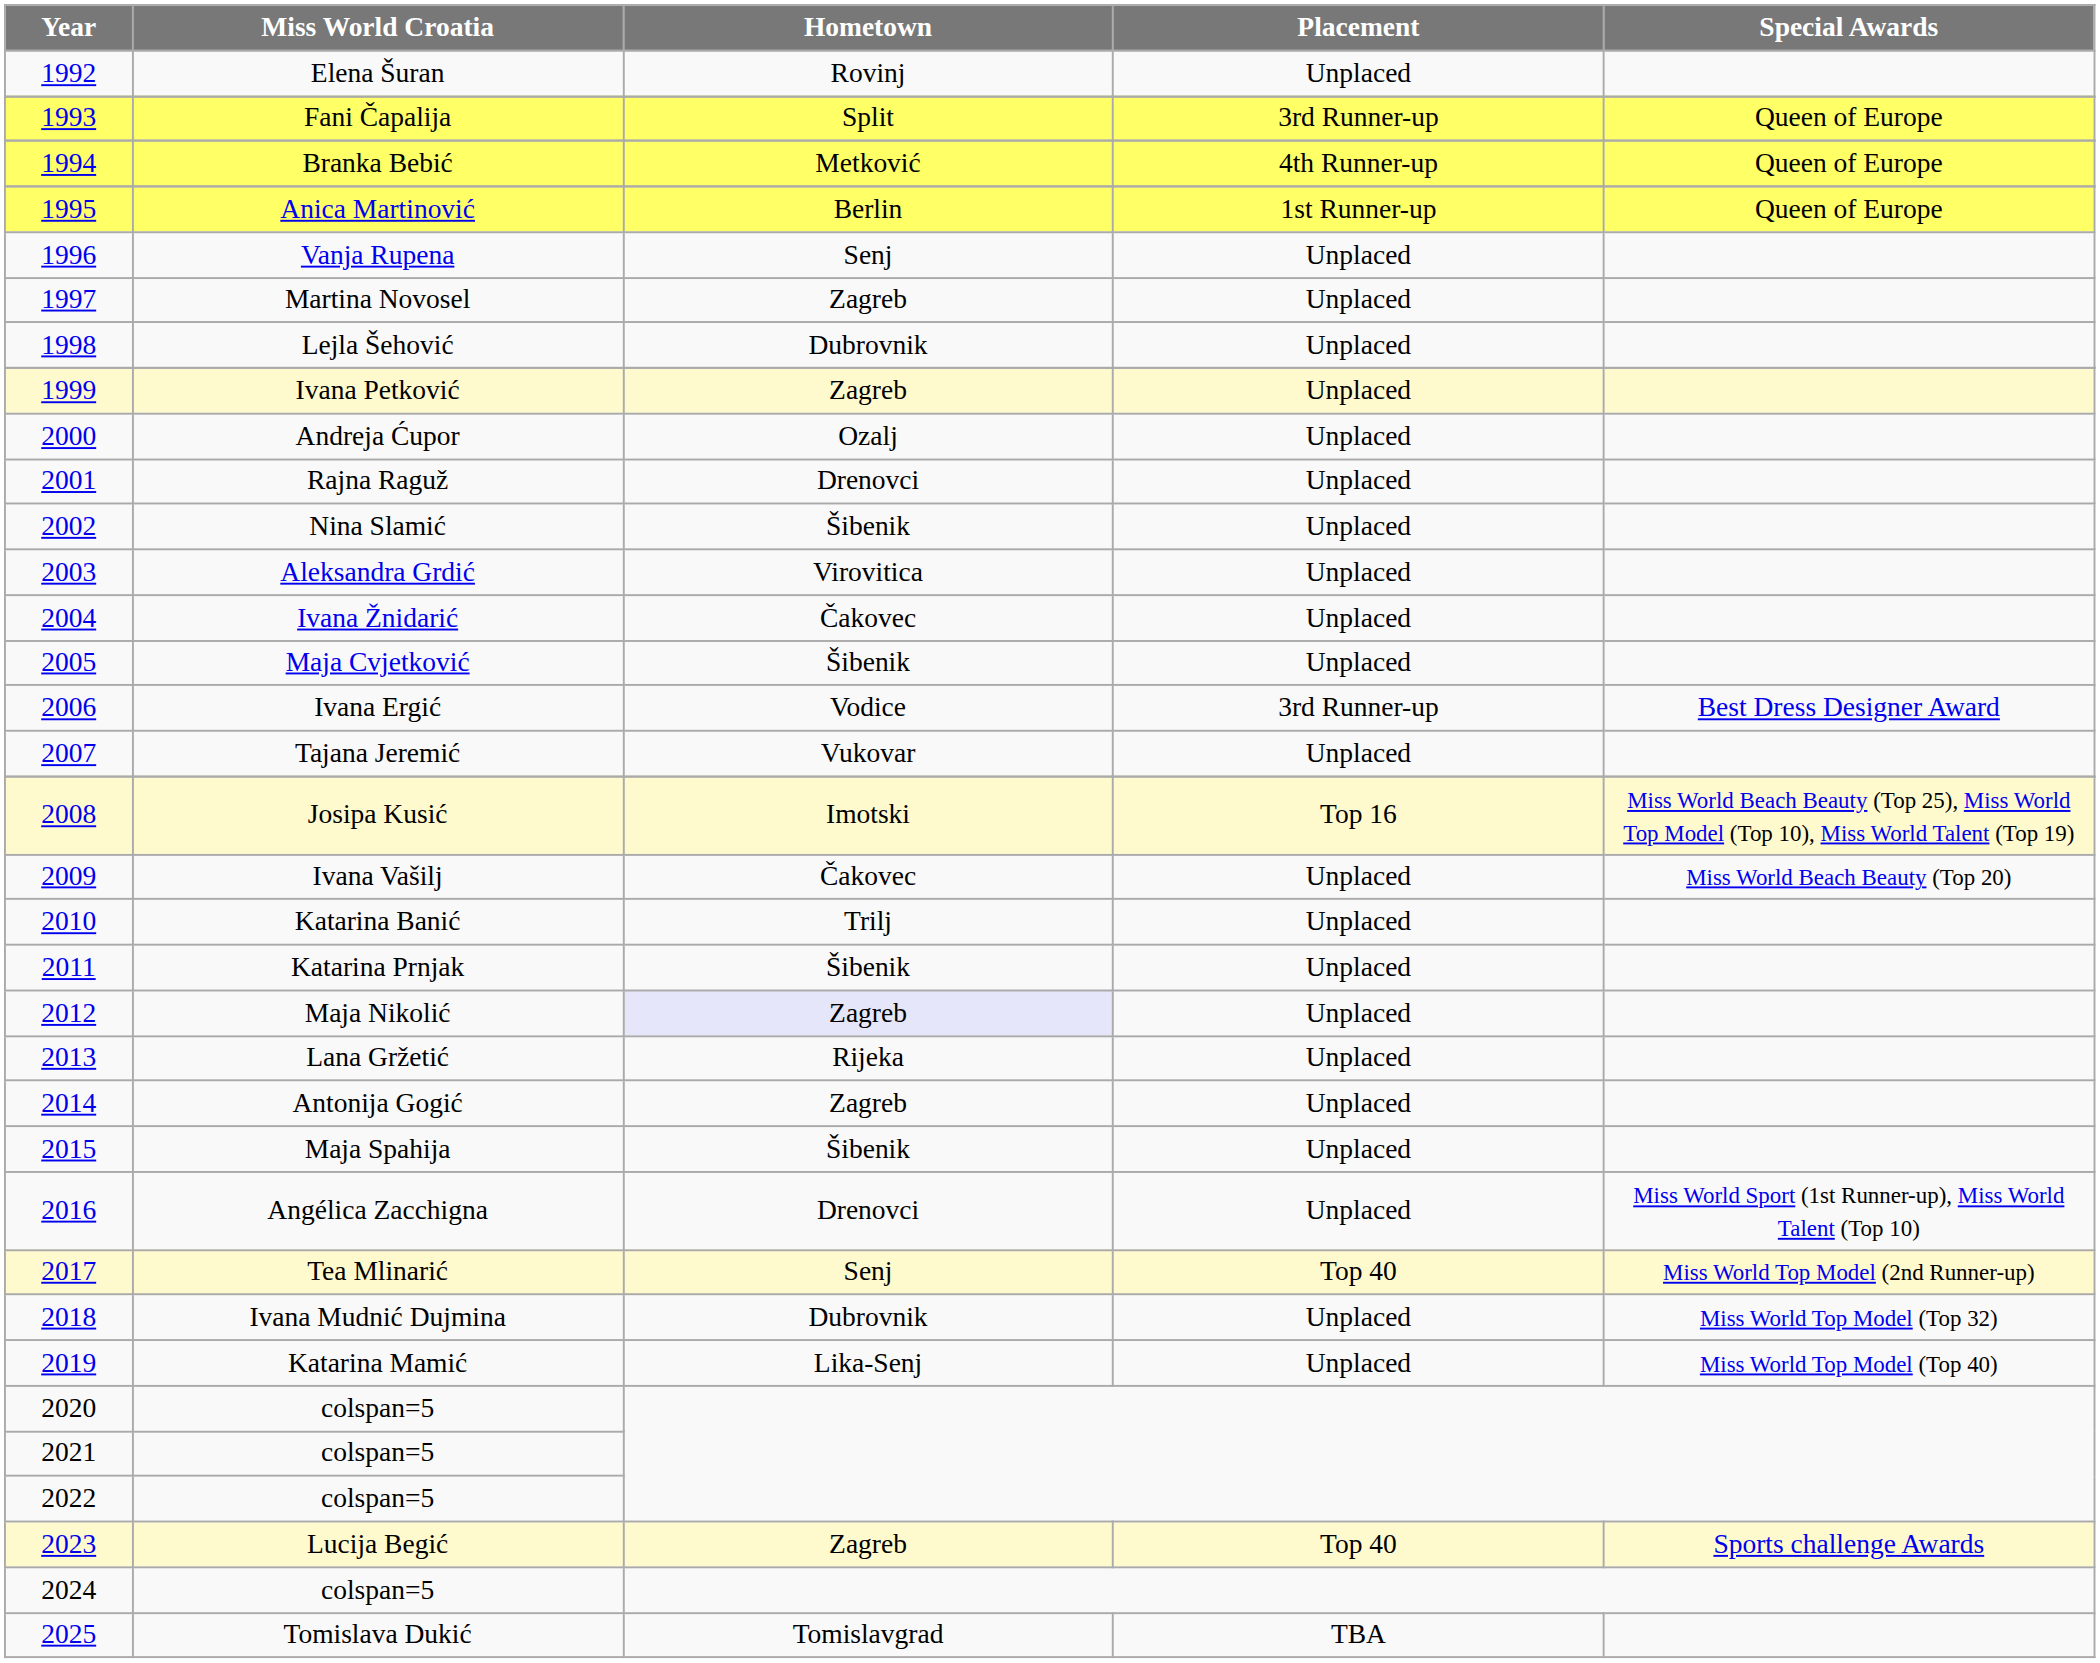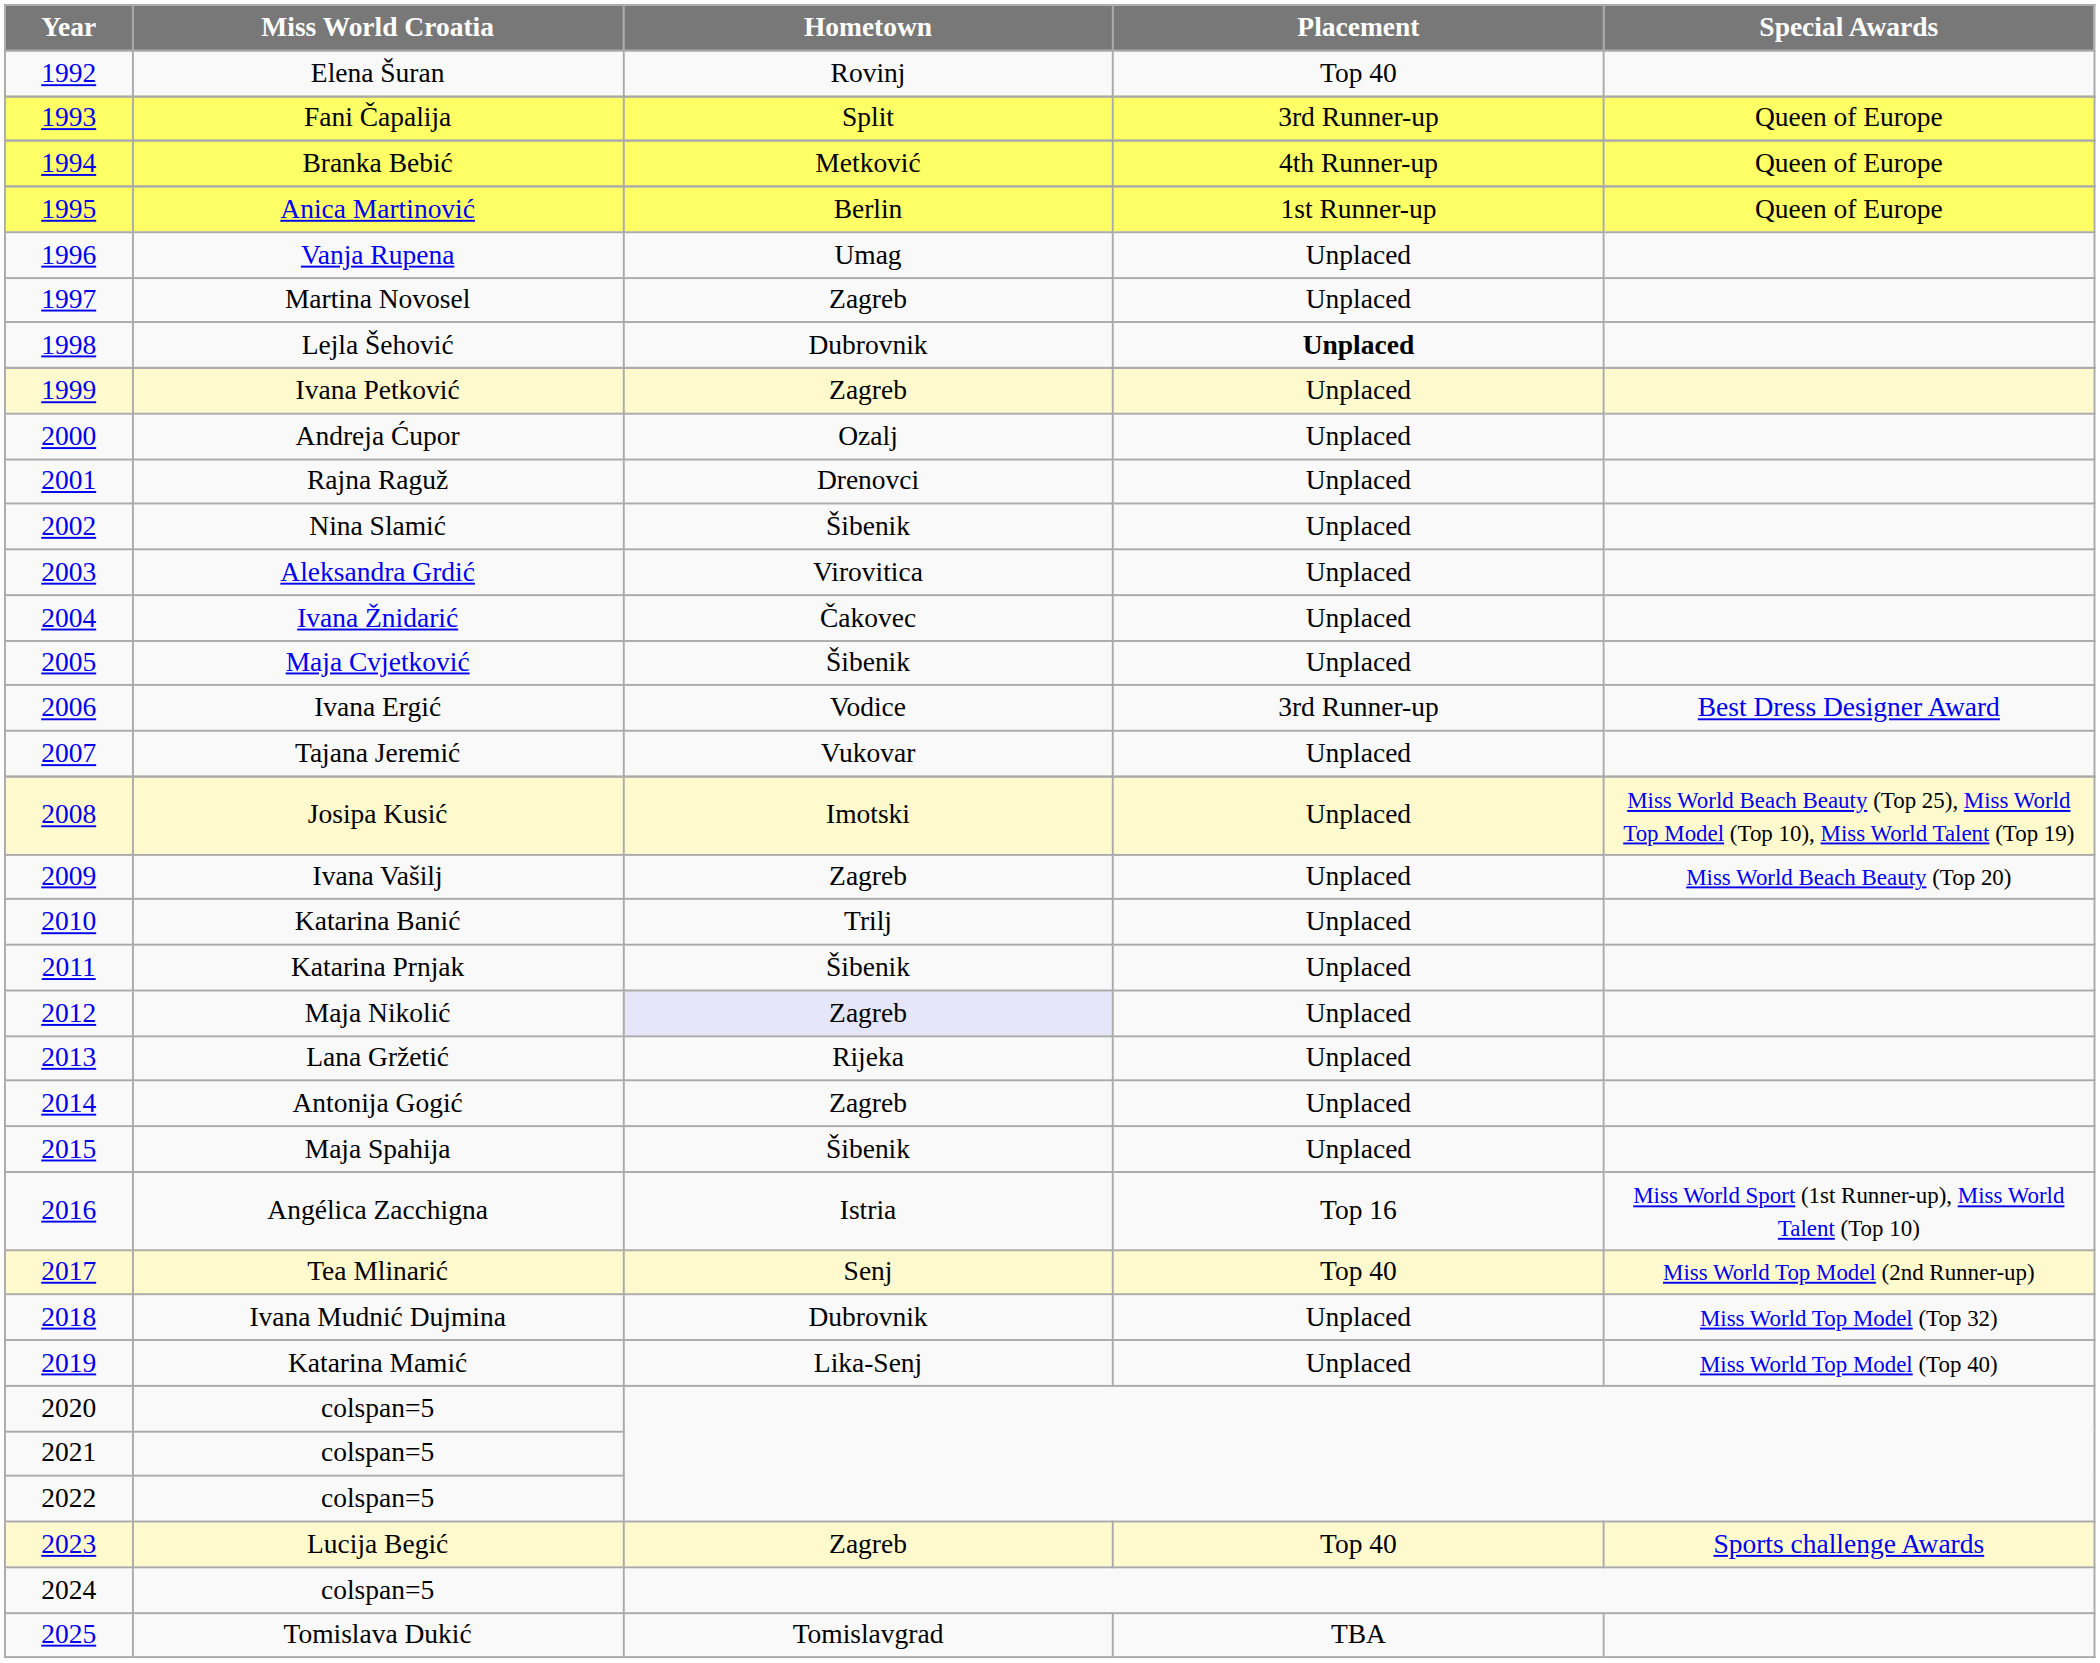 <table class="wikitable sortable" style="font-size: 90%; text-align:center">
 <tr>
 <th width="60" style="background-color:#787878;color:#FFFFFF;">Year</th>
 <th width="250" style="background-color:#787878;color:#FFFFFF;">Miss World Croatia</th>
 <th width="250" style="background-color:#787878;color:#FFFFFF;">Hometown</th>
 <th width="250" style="background-color:#787878;color:#FFFFFF;">Placement</th>
 <th width="250" style="background-color:#787878;color:#FFFFFF;">Special Awards</th>
 </tr>
 <tr>
 <td><a href='#'>1992</a></td>
 <td>Elena Šuran</td>
 <td>Rovinj</td>
-<td>Unplaced</td>
+<td>Top 40</td>
 <td></td>
 </tr>
 <tr>
 </tr>
 <tr style="background-color:#FFFF66;">
 <td><a href='#'>1993</a></td>
 <td>Fani Čapalija</td>
 <td>Split</td>
 <td>3rd Runner-up</td>
 <td>Queen of Europe</td>
 </tr>
 <tr>
 </tr>
 <tr style="background-color:#FFFF66;">
 <td><a href='#'>1994</a></td>
 <td>Branka Bebić</td>
 <td>Metković</td>
 <td>4th Runner-up</td>
 <td>Queen of Europe</td>
 </tr>
 <tr>
 </tr>
 <tr style="background-color:#FFFF66;">
 <td><a href='#'>1995</a></td>
 <td><a href='#'>Anica Martinović</a></td>
 <td>Berlin</td>
 <td>1st Runner-up</td>
 <td>Queen of Europe</td>
 </tr>
 <tr>
 <td><a href='#'>1996</a></td>
 <td><a href='#'>Vanja Rupena</a></td>
-<td>Senj</td>
+<td>Umag</td>
 <td>Unplaced</td>
 <td></td>
 </tr>
 <tr>
 <td><a href='#'>1997</a></td>
 <td>Martina Novosel</td>
 <td>Zagreb</td>
 <td>Unplaced</td>
 <td></td>
 </tr>
 <tr>
 <td><a href='#'>1998</a></td>
 <td>Lejla Šehović</td>
 <td>Dubrovnik</td>
-<td>Unplaced</td>
+<td><strong>Unplaced</strong></td>
 <td></td>
 </tr>
 <tr>
 </tr>
 <tr style="background-color:#FFFACD;">
 <td><a href='#'>1999</a></td>
 <td>Ivana Petković</td>
 <td>Zagreb</td>
 <td>Unplaced</td>
 <td></td>
 </tr>
 <tr>
 <td><a href='#'>2000</a></td>
 <td>Andreja Ćupor</td>
 <td>Ozalj</td>
 <td>Unplaced</td>
 <td></td>
 </tr>
 <tr>
 <td><a href='#'>2001</a></td>
 <td>Rajna Raguž</td>
 <td>Drenovci</td>
 <td>Unplaced</td>
 <td></td>
 </tr>
 <tr>
 <td><a href='#'>2002</a></td>
 <td>Nina Slamić</td>
 <td>Šibenik</td>
 <td>Unplaced</td>
 <td></td>
 </tr>
 <tr>
 <td><a href='#'>2003</a></td>
 <td><a href='#'>Aleksandra Grdić</a></td>
 <td>Virovitica</td>
 <td>Unplaced</td>
 <td></td>
 </tr>
 <tr>
 <td><a href='#'>2004</a></td>
 <td><a href='#'>Ivana Žnidarić</a></td>
 <td>Čakovec</td>
 <td>Unplaced</td>
 <td></td>
 </tr>
 <tr>
 <td><a href='#'>2005</a></td>
 <td><a href='#'>Maja Cvjetković</a></td>
 <td>Šibenik</td>
 <td>Unplaced</td>
 <td></td>
 </tr>
 <tr>
 <td><a href='#'>2006</a></td>
 <td>Ivana Ergić</td>
 <td>Vodice</td>
 <td>3rd Runner-up</td>
 <td><a href='#'>Best Dress Designer Award</a></td>
 </tr>
 <tr>
 <td><a href='#'>2007</a></td>
 <td>Tajana Jeremić</td>
 <td>Vukovar</td>
 <td>Unplaced</td>
 <td></td>
 </tr>
 <tr>
 </tr>
 <tr style="background-color:#FFFACD;">
 <td><a href='#'>2008</a></td>
 <td>Josipa Kusić</td>
 <td>Imotski</td>
-<td>Top 16</td>
+<td>Unplaced</td>
 <td><small><a href='#'>Miss World Beach Beauty</a> (Top 25), <a href='#'>Miss World Top Model</a> (Top 10), <a href='#'>Miss World Talent</a> (Top 19)</small></td>
 </tr>
 <tr>
 <td><a href='#'>2009</a></td>
 <td>Ivana Vašilj</td>
-<td>Čakovec</td>
+<td>Zagreb</td>
 <td>Unplaced</td>
 <td><small><a href='#'>Miss World Beach Beauty</a> (Top 20)</small></td>
 </tr>
 <tr>
 <td><a href='#'>2010</a></td>
 <td>Katarina Banić</td>
 <td>Trilj</td>
 <td>Unplaced</td>
 <td></td>
 </tr>
 <tr>
 <td><a href='#'>2011</a></td>
 <td>Katarina Prnjak</td>
 <td>Šibenik</td>
 <td>Unplaced</td>
 <td></td>
 </tr>
 <tr>
 <td><a href='#'>2012</a></td>
 <td>Maja Nikolić</td>
 <td style="background: lavender;">Zagreb</td>
 <td>Unplaced</td>
 <td></td>
 </tr>
 <tr>
 <td><a href='#'>2013</a></td>
 <td>Lana Gržetić</td>
 <td>Rijeka</td>
 <td>Unplaced</td>
 <td></td>
 </tr>
 <tr>
 <td><a href='#'>2014</a></td>
 <td>Antonija Gogić</td>
 <td>Zagreb</td>
 <td>Unplaced</td>
 <td></td>
 </tr>
 <tr>
 <td><a href='#'>2015</a></td>
 <td>Maja Spahija</td>
 <td>Šibenik</td>
 <td>Unplaced</td>
 <td></td>
 </tr>
 <tr>
 <td><a href='#'>2016</a></td>
 <td>Angélica Zacchigna</td>
-<td>Drenovci</td>
-<td>Unplaced</td>
+<td>Istria</td>
+<td>Top 16</td>
 <td><small><a href='#'>Miss World Sport</a> (1st Runner-up), <a href='#'>Miss World Talent</a> (Top 10)</small></td>
 </tr>
 <tr style="background-color:#FFFACD;">
 <td><a href='#'>2017</a></td>
 <td>Tea Mlinarić</td>
 <td>Senj</td>
 <td>Top 40</td>
 <td><small><a href='#'>Miss World Top Model</a> (2nd Runner-up)</small></td>
 </tr>
 <tr>
 <td><a href='#'>2018</a></td>
 <td>Ivana Mudnić Dujmina</td>
 <td>Dubrovnik</td>
 <td>Unplaced</td>
 <td><small><a href='#'>Miss World Top Model</a> (Top 32)</small></td>
 </tr>
 <tr>
 <td><a href='#'>2019</a></td>
 <td>Katarina Mamić</td>
 <td>Lika-Senj</td>
 <td>Unplaced</td>
 <td><small> <a href='#'>Miss World Top Model</a> (Top 40)</small></td>
 </tr>
 <tr>
 <td>2020</td>
 <td>colspan=5 </td>
 </tr>
 <tr>
 <td>2021</td>
 <td>colspan=5 </td>
 </tr>
 <tr>
 <td>2022</td>
 <td>colspan=5 </td>
 </tr>
 <tr style="background-color:#FFFACD;">
 <td><a href='#'>2023</a></td>
 <td>Lucija Begić</td>
 <td>Zagreb</td>
 <td>Top 40</td>
 <td><a href='#'>Sports challenge Awards</a></td>
 </tr>
 <tr>
 <td>2024</td>
 <td>colspan=5 </td>
 </tr>
 <tr>
 <td><a href='#'>2025</a></td>
 <td>Tomislava Dukić</td>
 <td>Tomislavgrad</td>
 <td>TBA</td>
 <td></td>
 </tr>
 </table>
